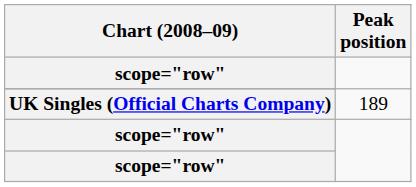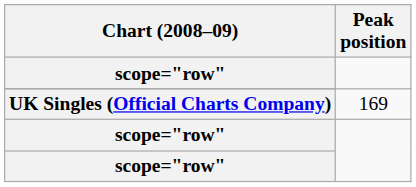 <table class="wikitable sortable plainrowheaders">
 <tr>
 <th>Chart (2008–09)</th>
 <th>Peak<br>position</th>
 </tr>
 <tr>
 <th>scope="row" </th>
 </tr>
 <tr>
 </tr>
 <tr>
 <th scope="row">UK Singles (<a href='#'>Official Charts Company</a>)</th>
-<td style="text-align:center;">189</td>
+<td style="text-align:center;">169</td>
 </tr>
 <tr>
 <th>scope="row" </th>
 </tr>
 <tr>
 <th>scope="row" </th>
 </tr>
 </table>
